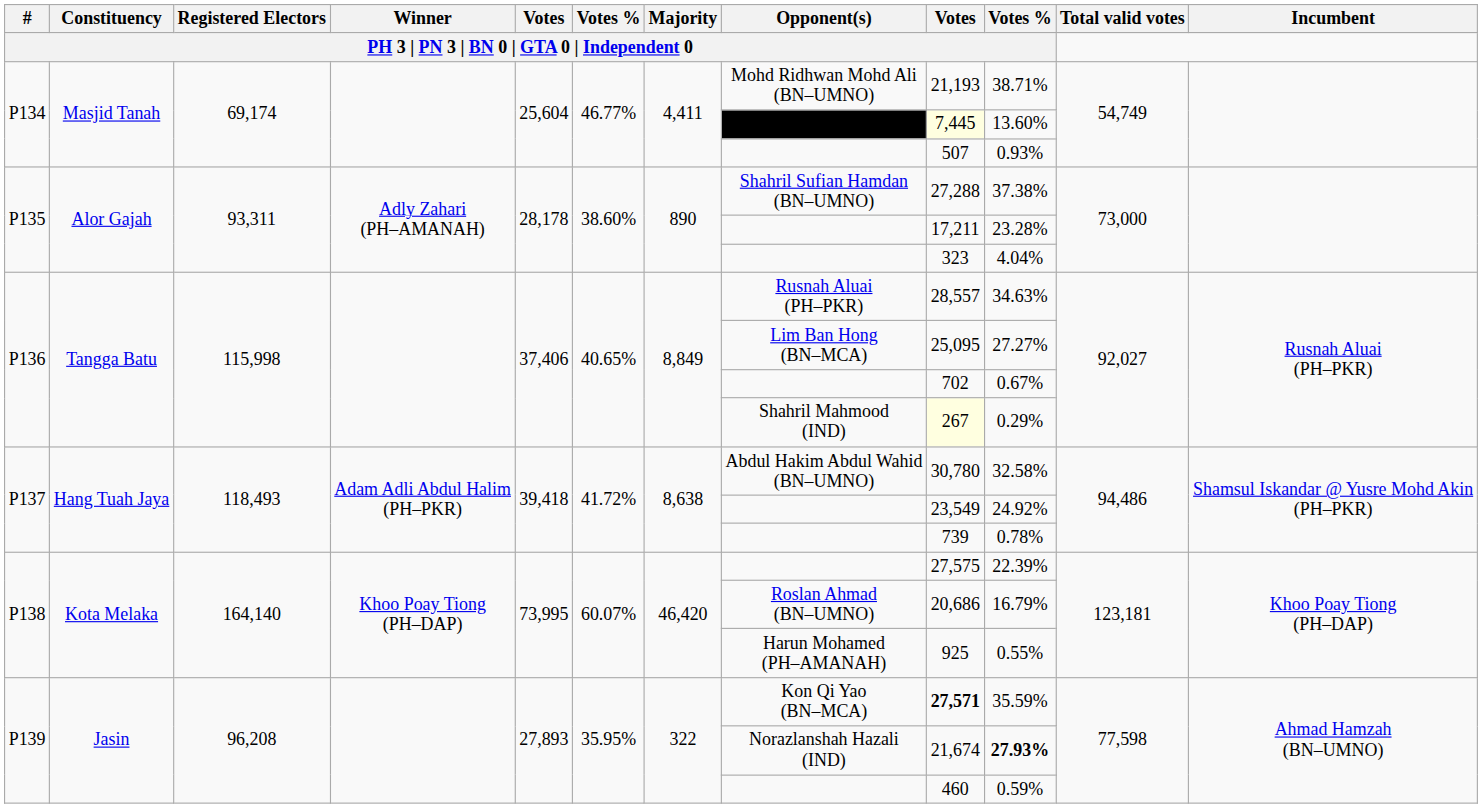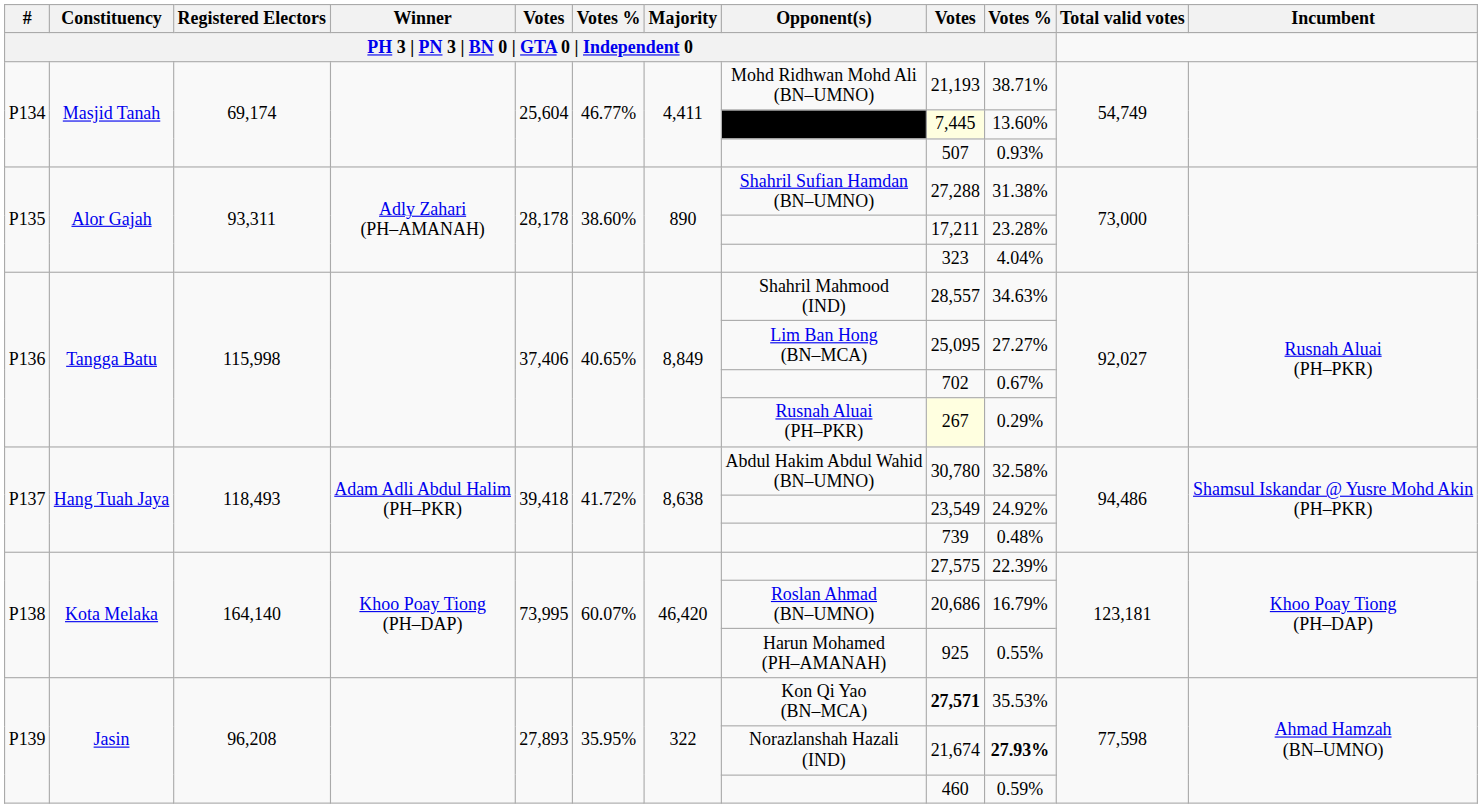 <table class="wikitable sortable" style">
 <tr>
 <th>#</th>
 <th>Constituency</th>
 <th>Registered Electors</th>
 <th>Winner</th>
 <th>Votes</th>
 <th>Votes %</th>
 <th>Majority</th>
 <th>Opponent(s)</th>
 <th>Votes</th>
 <th>Votes %</th>
 <th>Total valid votes</th>
 <th>Incumbent</th>
 </tr>
 <tr>
 <th colspan="10"><a href='#'>PH</a> <strong>3</strong> | <a href='#'>PN</a> <strong>3</strong> | <a href='#'>BN</a> <strong>0</strong>   | <a href='#'>GTA</a> <strong>0</strong>  | <a href='#'>Independent</a> <strong>0</strong></th>
 </tr>
 <tr align="center">
 <td rowspan=3>P134</td>
 <td rowspan=3><a href='#'>Masjid Tanah</a></td>
 <td rowspan=3>69,174</td>
 <td rowspan=3><br></td>
 <td rowspan=3>25,604</td>
 <td rowspan=3>46.77%</td>
 <td rowspan=3>4,411</td>
 <td>Mohd Ridhwan Mohd Ali <br>(BN–UMNO)</td>
 <td>21,193</td>
 <td>38.71%</td>
 <td rowspan=3>54,749</td>
 <td rowspan=3><br></td>
 </tr>
 <tr align="center">
 <td bgcolor=black></td>
 <td style="background: lightyellow;">7,445</td>
 <td>13.60%</td>
 </tr>
 <tr align="center">
 <td></td>
 <td>507</td>
 <td>0.93%</td>
 </tr>
 <tr align="center">
 <td rowspan=3>P135</td>
 <td rowspan=3><a href='#'>Alor Gajah</a></td>
 <td rowspan=3>93,311</td>
 <td rowspan=3><a href='#'>Adly Zahari</a><br>(PH–AMANAH)</td>
 <td rowspan=3>28,178</td>
 <td rowspan=3>38.60%</td>
 <td rowspan=3>890</td>
 <td><a href='#'>Shahril Sufian Hamdan</a><br>(BN–UMNO)</td>
 <td>27,288</td>
-<td>37.38%</td>
+<td>31.38%</td>
 <td rowspan=3>73,000</td>
 <td rowspan=3><br></td>
 </tr>
 <tr align="center">
 <td><br></td>
 <td>17,211</td>
 <td>23.28%</td>
 </tr>
 <tr align="center">
 <td></td>
 <td>323</td>
 <td>4.04%</td>
 </tr>
 <tr align="center">
 <td rowspan=4>P136</td>
 <td rowspan=4><a href='#'>Tangga Batu</a></td>
 <td rowspan=4>115,998</td>
 <td rowspan=4></td>
 <td rowspan=4>37,406</td>
 <td rowspan=4>40.65%</td>
 <td rowspan=4>8,849</td>
-<td><a href='#'>Rusnah Aluai</a><br>(PH–PKR)</td>
+<td>Shahril Mahmood<br>(IND)</td>
 <td>28,557</td>
 <td>34.63%</td>
 <td rowspan=4>92,027</td>
 <td rowspan=4><a href='#'>Rusnah Aluai</a><br>(PH–PKR)</td>
 </tr>
 <tr align="center">
 <td><a href='#'>Lim Ban Hong</a><br>(BN–MCA)</td>
 <td>25,095</td>
 <td>27.27%</td>
 </tr>
 <tr align="center">
 <td></td>
 <td>702</td>
 <td>0.67%</td>
 </tr>
 <tr align="center">
-<td>Shahril Mahmood<br>(IND)</td>
+<td><a href='#'>Rusnah Aluai</a><br>(PH–PKR)</td>
 <td style="background: lightyellow;">267</td>
 <td>0.29%</td>
 </tr>
 <tr align="center">
 <td rowspan=3>P137</td>
 <td rowspan=3><a href='#'>Hang Tuah Jaya</a></td>
 <td rowspan=3>118,493</td>
 <td rowspan=3><a href='#'>Adam Adli Abdul Halim</a><br>(PH–PKR)</td>
 <td rowspan=3>39,418</td>
 <td rowspan=3>41.72%</td>
 <td rowspan=3>8,638</td>
 <td>Abdul Hakim Abdul Wahid<br>(BN–UMNO)</td>
 <td>30,780</td>
 <td>32.58%</td>
 <td rowspan=3>94,486</td>
 <td rowspan=3><a href='#'>Shamsul Iskandar @ Yusre Mohd Akin</a><br>(PH–PKR)</td>
 </tr>
 <tr align="center">
 <td></td>
 <td>23,549</td>
 <td>24.92%</td>
 </tr>
 <tr align="center">
 <td></td>
 <td>739</td>
-<td>0.78%</td>
+<td>0.48%</td>
 </tr>
 <tr align="center">
 <td rowspan=3>P138</td>
 <td rowspan=3><a href='#'>Kota Melaka</a></td>
 <td rowspan=3>164,140</td>
 <td rowspan=3><a href='#'>Khoo Poay Tiong</a><br>(PH–DAP)</td>
 <td rowspan=3>73,995</td>
 <td rowspan=3>60.07%</td>
 <td rowspan=3>46,420</td>
 <td></td>
 <td>27,575</td>
 <td>22.39%</td>
 <td rowspan=3>123,181</td>
 <td rowspan=3><a href='#'>Khoo Poay Tiong</a><br>(PH–DAP)</td>
 </tr>
 <tr align="center">
 <td><a href='#'>Roslan Ahmad</a><br>(BN–UMNO)</td>
 <td>20,686</td>
 <td>16.79%</td>
 </tr>
 <tr align="center">
 <td>Harun Mohamed<br>(PH–AMANAH)</td>
 <td>925</td>
 <td>0.55%</td>
 </tr>
 <tr align="center">
 <td rowspan=3>P139</td>
 <td rowspan=3><a href='#'>Jasin</a></td>
 <td rowspan=3>96,208</td>
 <td rowspan=3></td>
 <td rowspan=3>27,893</td>
 <td rowspan=3>35.95%</td>
 <td rowspan=3>322</td>
 <td>Kon Qi Yao<br>(BN–MCA)</td>
 <td><strong>27,571</strong></td>
-<td>35.59%</td>
+<td>35.53%</td>
 <td rowspan=3>77,598</td>
 <td rowspan=3><a href='#'>Ahmad Hamzah</a><br>(BN–UMNO)</td>
 </tr>
 <tr align="center">
 <td>Norazlanshah Hazali<br>(IND)</td>
 <td>21,674</td>
 <td><strong>27.93%</strong></td>
 </tr>
 <tr align="center">
 <td></td>
 <td>460</td>
 <td>0.59%</td>
 </tr>
 </table>
